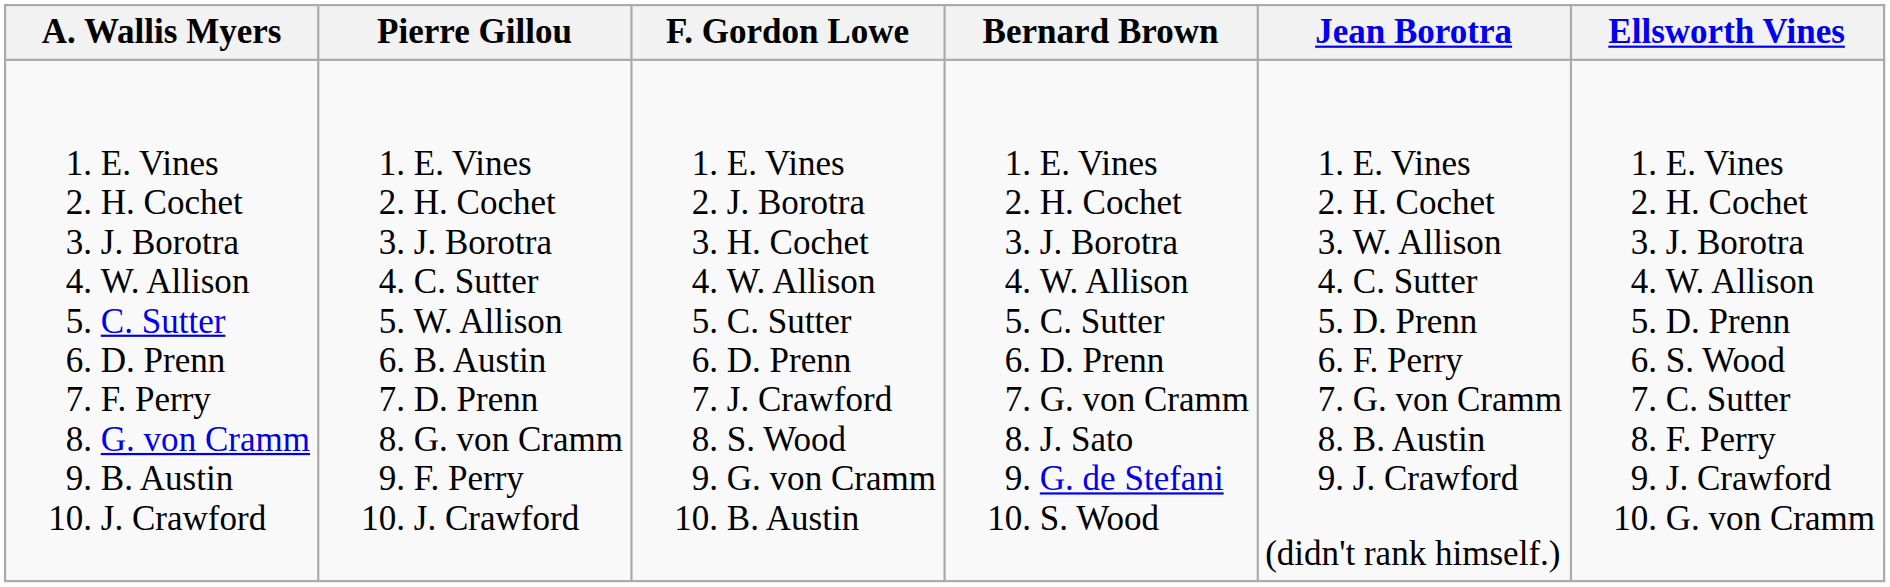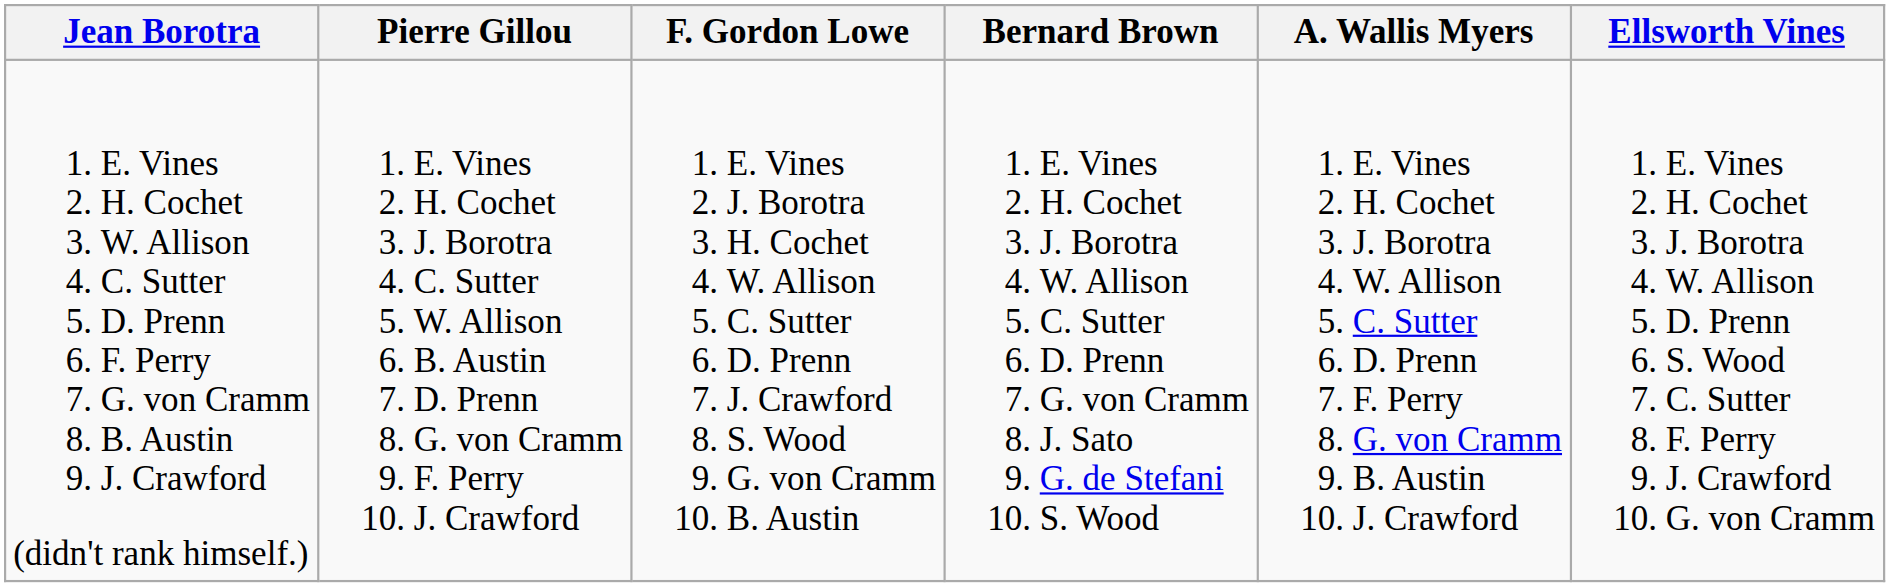 <table class="wikitable">
 <tr>
-<th>A. Wallis Myers</th>
+<th><a href='#'>Jean Borotra</a></th>
 <th>Pierre Gillou</th>
 <th>F. Gordon Lowe</th>
 <th>Bernard Brown</th>
-<th><a href='#'>Jean Borotra</a></th>
+<th>A. Wallis Myers</th>
 <th><a href='#'>Ellsworth Vines</a></th>
 </tr>
 <tr style="vertical-align: top;">
-<td style="white-space: nowrap;"><br><ol><li> E. Vines</li><li> H. Cochet</li><li> J. Borotra</li><li> W. Allison</li><li> <a href='#'>C. Sutter</a></li><li> D. Prenn</li><li> F. Perry</li><li> <a href='#'>G. von Cramm</a></li><li> B. Austin</li><li> J. Crawford</li></ol></td>
+<td style="white-space: nowrap;"><br><ol><li> E. Vines</li><li> H. Cochet</li><li> W. Allison</li><li> C. Sutter</li><li> D. Prenn</li><li> F. Perry</li><li> G. von Cramm</li><li> B. Austin</li><li> J. Crawford</li></ol>(didn't rank himself.)</td>
 <td style="white-space: nowrap;"><br><ol><li> E. Vines</li><li> H. Cochet</li><li> J. Borotra</li><li> C. Sutter</li><li> W. Allison</li><li> B. Austin</li><li> D. Prenn</li><li> G. von Cramm</li><li> F. Perry</li><li> J. Crawford</li></ol></td>
 <td style="white-space: nowrap;"><br><ol><li> E. Vines</li><li> J. Borotra</li><li> H. Cochet</li><li> W. Allison</li><li> C. Sutter</li><li> D. Prenn</li><li> J. Crawford</li><li> S. Wood</li><li> G. von Cramm</li><li> B. Austin</li></ol></td>
 <td style="white-space: nowrap;"><br><ol><li> E. Vines</li><li> H. Cochet</li><li> J. Borotra</li><li> W. Allison</li><li> C. Sutter</li><li> D. Prenn</li><li> G. von Cramm</li><li> J. Sato</li><li> <a href='#'>G. de Stefani</a></li><li> S. Wood</li></ol></td>
-<td style="white-space: nowrap;"><br><ol><li> E. Vines</li><li> H. Cochet</li><li> W. Allison</li><li> C. Sutter</li><li> D. Prenn</li><li> F. Perry</li><li> G. von Cramm</li><li> B. Austin</li><li> J. Crawford</li></ol>(didn't rank himself.)</td>
+<td style="white-space: nowrap;"><br><ol><li> E. Vines</li><li> H. Cochet</li><li> J. Borotra</li><li> W. Allison</li><li> <a href='#'>C. Sutter</a></li><li> D. Prenn</li><li> F. Perry</li><li> <a href='#'>G. von Cramm</a></li><li> B. Austin</li><li> J. Crawford</li></ol></td>
 <td style="white-space: nowrap;"><br><ol><li> E. Vines</li><li> H. Cochet</li><li> J. Borotra</li><li> W. Allison</li><li> D. Prenn</li><li> S. Wood</li><li> C. Sutter</li><li> F. Perry</li><li> J. Crawford</li><li> G. von Cramm</li></ol></td>
 </tr>
 </table>
